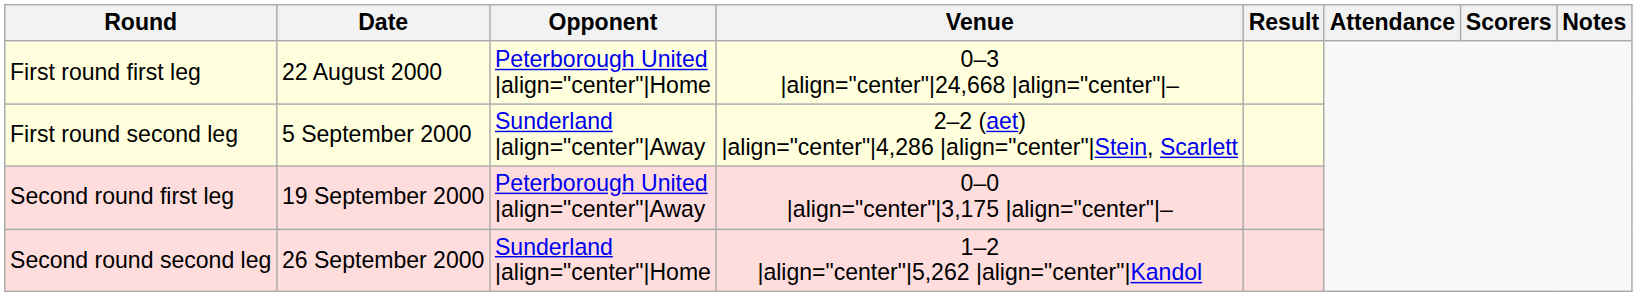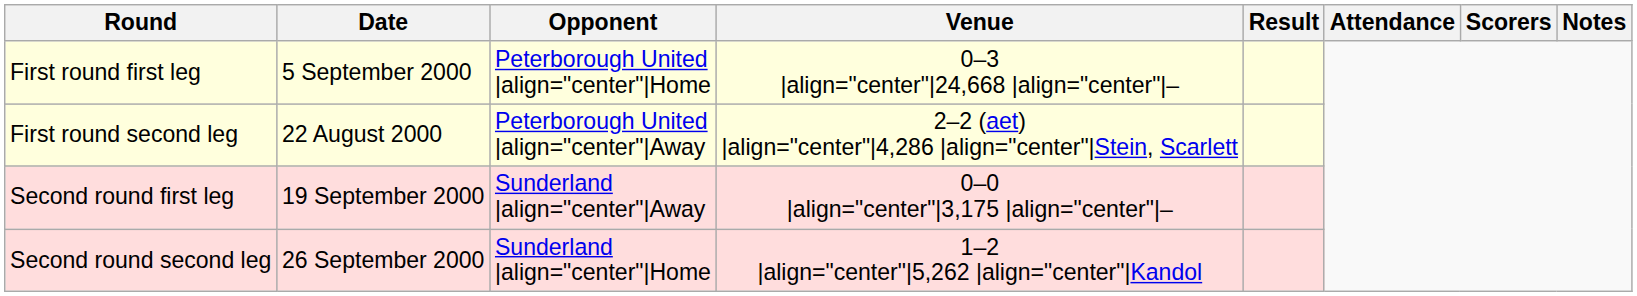 <table Class="wikitable">
 <tr>
 <th>Round</th>
 <th>Date</th>
 <th>Opponent</th>
 <th>Venue</th>
 <th>Result</th>
 <th>Attendance</th>
 <th>Scorers</th>
 <th>Notes</th>
 </tr>
 <tr style="background:#ffd;">
 <td>First round first leg</td>
-<td>22 August 2000</td>
+<td>5 September 2000</td>
 <td><a href='#'>Peterborough United</a><br>|align="center"|Home</td>
 <td style="text-align:center;">0–3<br>|align="center"|24,668 |align="center"|–</td>
 <td style="text-align:center;"></td>
 </tr>
 <tr style="background:#ffd;">
 <td>First round second leg</td>
-<td>5 September 2000</td>
-<td><a href='#'>Sunderland</a><br>|align="center"|Away</td>
+<td>22 August 2000</td>
+<td><a href='#'>Peterborough United</a><br>|align="center"|Away</td>
 <td style="text-align:center;">2–2 (<a href='#'>aet</a>)<br>|align="center"|4,286 |align="center"|<a href='#'>Stein</a>, <a href='#'>Scarlett</a></td>
 <td style="text-align:center;"></td>
 </tr>
 <tr style="background:#fdd;">
 <td>Second round first leg</td>
 <td>19 September 2000</td>
-<td><a href='#'>Peterborough United</a><br>|align="center"|Away</td>
+<td><a href='#'>Sunderland</a><br>|align="center"|Away</td>
 <td style="text-align:center;">0–0<br>|align="center"|3,175 |align="center"|–</td>
 <td style="text-align:center;"></td>
 </tr>
 <tr style="background:#fdd;">
 <td>Second round second leg</td>
 <td>26 September 2000</td>
 <td><a href='#'>Sunderland</a><br>|align="center"|Home</td>
 <td style="text-align:center;">1–2<br>|align="center"|5,262 |align="center"|<a href='#'>Kandol</a></td>
 <td style="text-align:center;"></td>
 </tr>
 </table>
